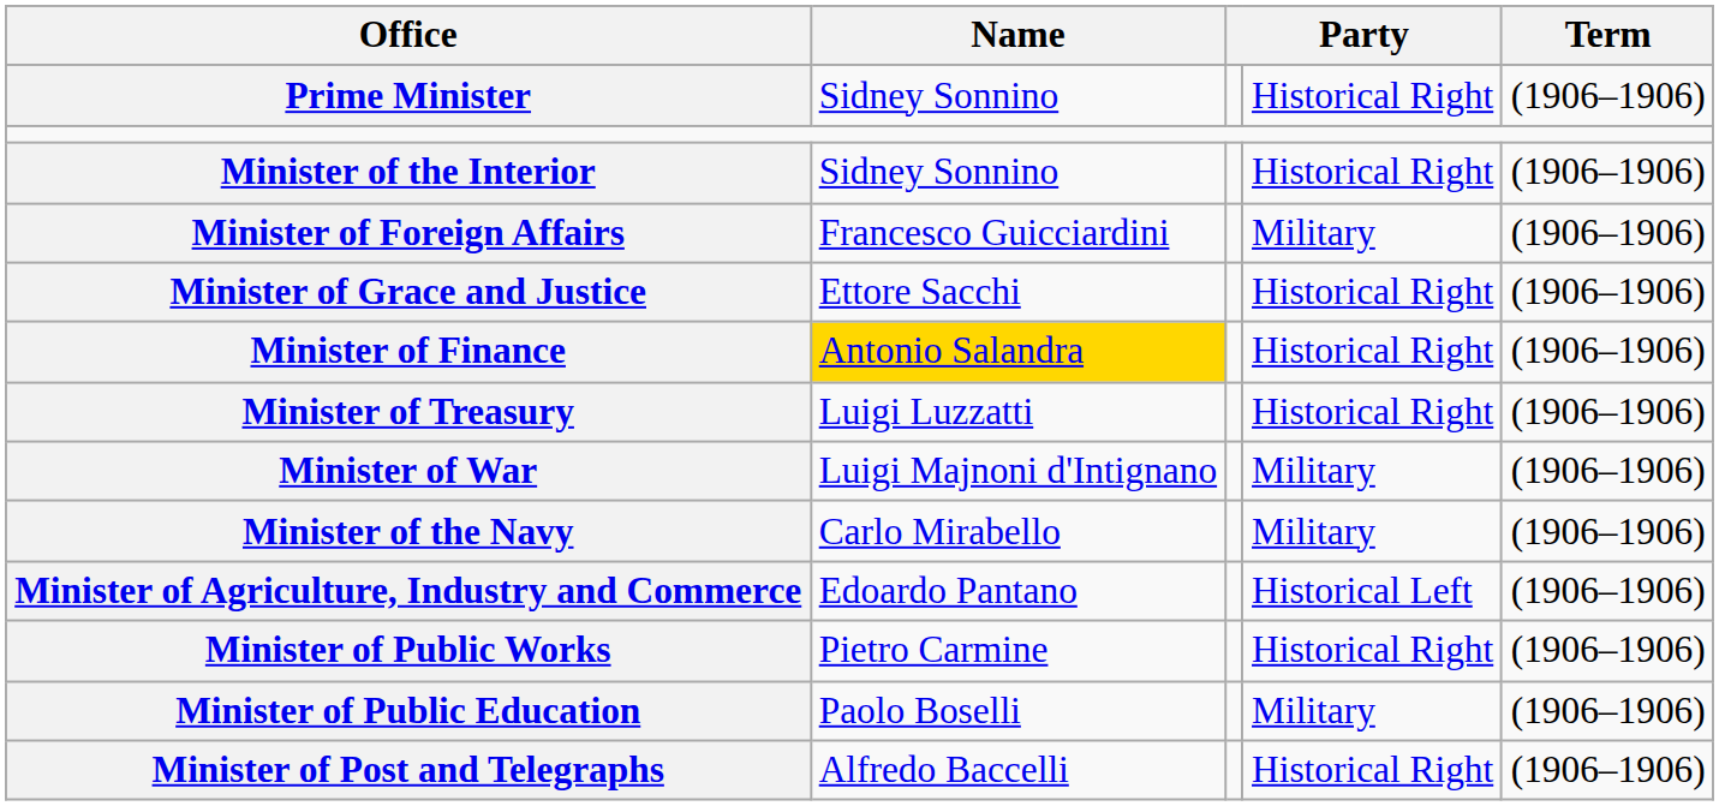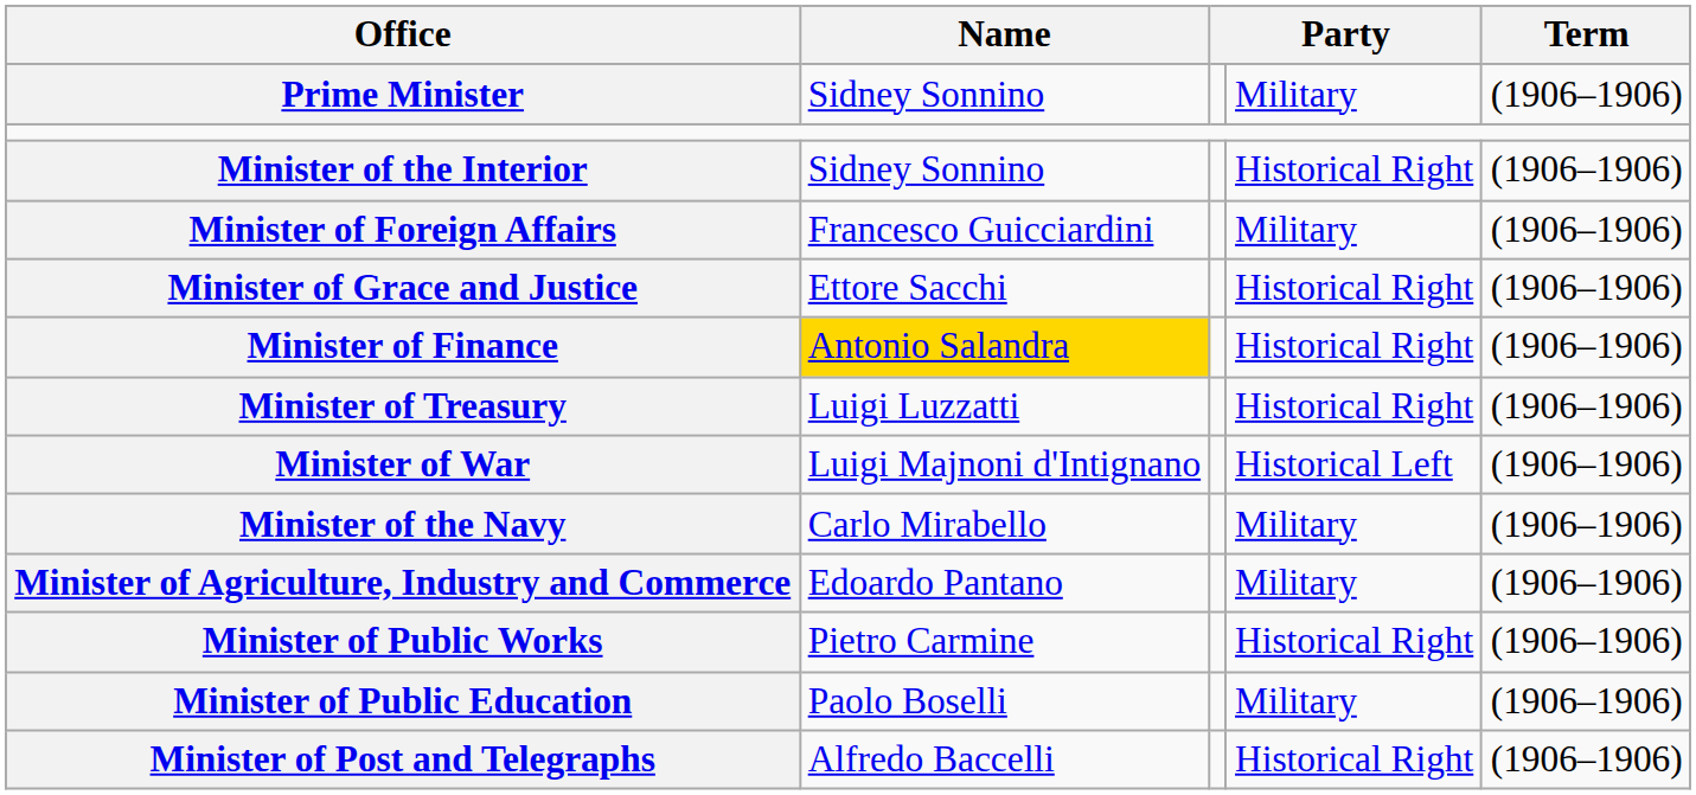 <table class="wikitable" style="font-size: 100%;">
 <tr>
 <th>Office</th>
 <th>Name</th>
 <th colspan=2>Party</th>
 <th>Term</th>
 </tr>
 <tr>
 <th><a href='#'>Prime Minister</a></th>
 <td><a href='#'>Sidney Sonnino</a></td>
 <td style="color:inherit;background:"></td>
-<td><a href='#'>Historical Right</a></td>
+<td><a href='#'>Military</a></td>
 <td>(1906–1906)</td>
 </tr>
 <tr>
 <td colspan=6></td>
 </tr>
 <tr>
 <th><a href='#'>Minister of the Interior</a></th>
 <td><a href='#'>Sidney Sonnino</a></td>
 <td style="color:inherit;background:"></td>
 <td><a href='#'>Historical Right</a></td>
 <td>(1906–1906)</td>
 </tr>
 <tr>
 <th><a href='#'>Minister of Foreign Affairs</a></th>
 <td><a href='#'>Francesco Guicciardini</a></td>
 <td style="color:inherit;background:"></td>
 <td><a href='#'>Military</a></td>
 <td>(1906–1906)</td>
 </tr>
 <tr>
 <th><a href='#'>Minister of Grace and Justice</a></th>
 <td><a href='#'>Ettore Sacchi</a></td>
 <td style="color:inherit;background:"></td>
 <td><a href='#'>Historical Right</a></td>
 <td>(1906–1906)</td>
 </tr>
 <tr>
 <th><a href='#'>Minister of Finance</a></th>
 <td style="background: gold;"><a href='#'>Antonio Salandra</a></td>
 <td style="color:inherit;background:"></td>
 <td><a href='#'>Historical Right</a></td>
 <td>(1906–1906)</td>
 </tr>
 <tr>
 <th><a href='#'>Minister of Treasury</a></th>
 <td><a href='#'>Luigi Luzzatti</a></td>
 <td style="color:inherit;background:"></td>
 <td><a href='#'>Historical Right</a></td>
 <td>(1906–1906)</td>
 </tr>
 <tr>
 <th><a href='#'>Minister of War</a></th>
 <td><a href='#'>Luigi Majnoni d'Intignano</a></td>
 <td style="color:inherit;background:"></td>
-<td><a href='#'>Military</a></td>
+<td><a href='#'>Historical Left</a></td>
 <td>(1906–1906)</td>
 </tr>
 <tr>
 <th><a href='#'>Minister of the Navy</a></th>
 <td><a href='#'>Carlo Mirabello</a></td>
 <td style="color:inherit;background:"></td>
 <td><a href='#'>Military</a></td>
 <td>(1906–1906)</td>
 </tr>
 <tr>
 <th><a href='#'>Minister of Agriculture, Industry and Commerce</a></th>
 <td><a href='#'>Edoardo Pantano</a></td>
 <td style="color:inherit;background:"></td>
-<td><a href='#'>Historical Left</a></td>
+<td><a href='#'>Military</a></td>
 <td>(1906–1906)</td>
 </tr>
 <tr>
 <th><a href='#'>Minister of Public Works</a></th>
 <td><a href='#'>Pietro Carmine</a></td>
 <td style="color:inherit;background:"></td>
 <td><a href='#'>Historical Right</a></td>
 <td>(1906–1906)</td>
 </tr>
 <tr>
 <th><a href='#'>Minister of Public Education</a></th>
 <td><a href='#'>Paolo Boselli</a></td>
 <td style="color:inherit;background:"></td>
 <td><a href='#'>Military</a></td>
 <td>(1906–1906)</td>
 </tr>
 <tr>
 <th><a href='#'>Minister of Post and Telegraphs</a></th>
 <td><a href='#'>Alfredo Baccelli</a></td>
 <td style="color:inherit;background:"></td>
 <td><a href='#'>Historical Right</a></td>
 <td>(1906–1906)</td>
 </tr>
 </table>
